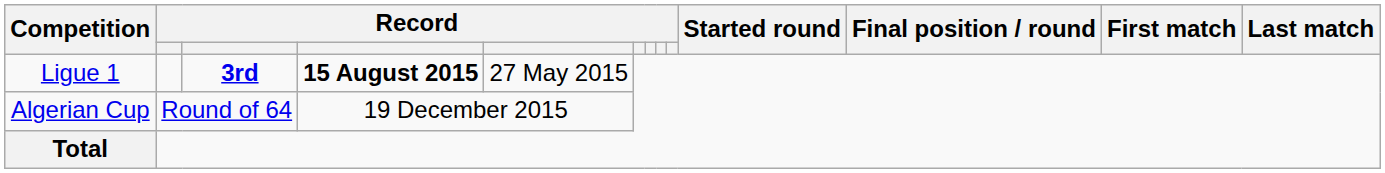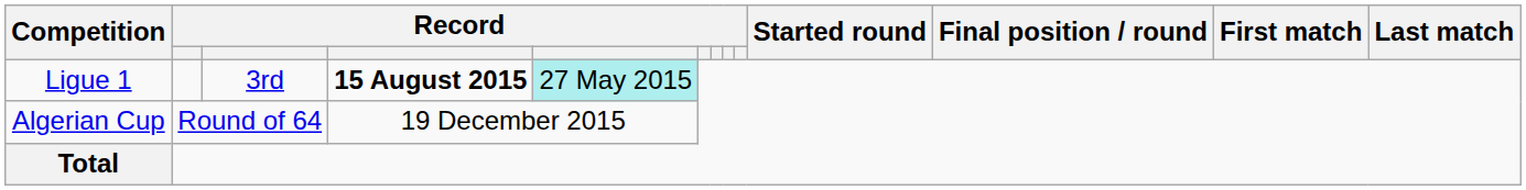 <table class="wikitable" style="text-align: center">
 <tr>
 <th rowspan=2>Competition</th>
 <th colspan=8>Record</th>
 <th rowspan=2>Started round</th>
 <th rowspan=2>Final position / round</th>
 <th rowspan=2>First match</th>
 <th rowspan=2>Last match</th>
 </tr>
 <tr>
 <th></th>
 <th></th>
 <th></th>
 <th></th>
 <th></th>
 <th></th>
 <th></th>
 <th></th>
 </tr>
 <tr>
 <td><a href='#'>Ligue 1</a><br></td>
 <td></td>
-<td><strong><a href='#'>3rd</a></strong></td>
+<td><a href='#'>3rd</a></td>
 <td><strong>15 August 2015</strong></td>
-<td>27 May 2015</td>
+<td style="background: paleturquoise;">27 May 2015</td>
 </tr>
 <tr>
 <td><a href='#'>Algerian Cup</a><br></td>
 <td colspan=2><a href='#'>Round of 64</a></td>
 <td colspan=2>19 December 2015</td>
 </tr>
 <tr>
 <th>Total<br></th>
 </tr>
 </table>
